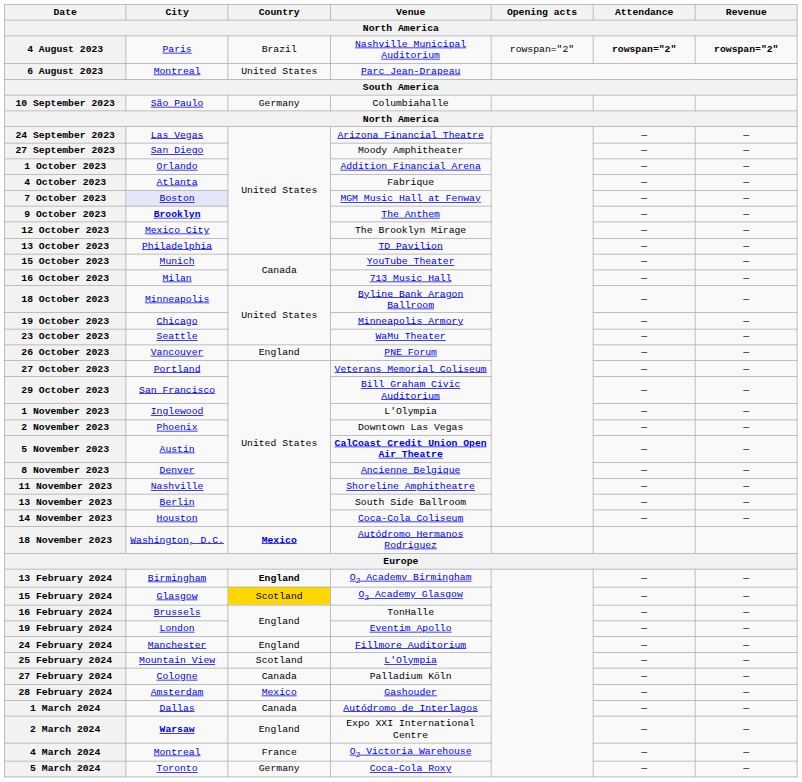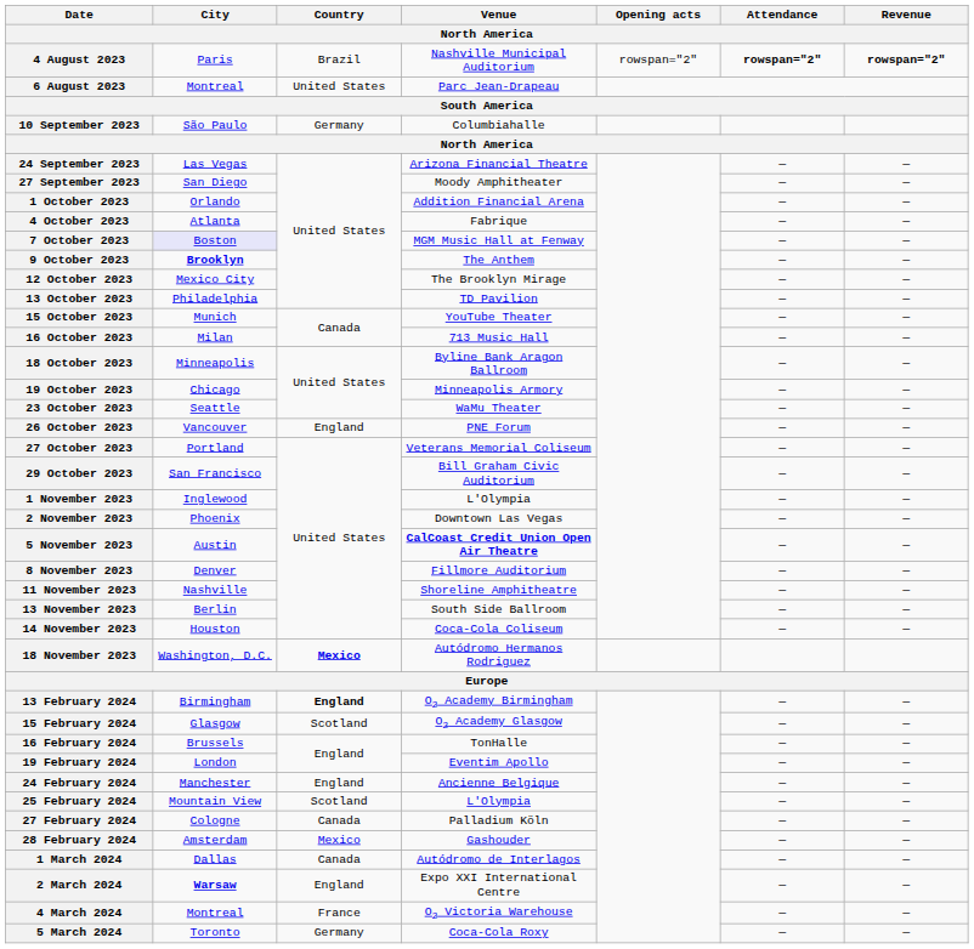 <table class="wikitable plainrowheaders" style="text-align:center;">
 <tr>
 <th scope="col" style="width:12em;">Date</th>
 <th scope="col" style="width:10em;">City</th>
 <th scope="col" style="width:10em;">Country</th>
 <th scope="col" style="width:16em;">Venue</th>
 <th scope="col" style="width:10em;">Opening acts</th>
 <th scope="col" style="width:10em;">Attendance</th>
 <th scope="col" style="width:10em;">Revenue</th>
 </tr>
 <tr>
 <th colspan="7">North America</th>
 </tr>
 <tr>
 <th scope="row" style="text-align:center;">4 August 2023</th>
 <td><a href='#'>Paris</a></td>
 <td>Brazil</td>
 <td><a href='#'>Nashville Municipal Auditorium</a></td>
 <td>rowspan="2" </td>
 <td><strong>rowspan="2" </strong></td>
 <td><strong>rowspan="2" </strong></td>
 </tr>
 <tr>
 <th scope="row" style="text-align:center;">6 August 2023</th>
 <td><a href='#'>Montreal</a></td>
 <td>United States</td>
 <td><a href='#'>Parc Jean-Drapeau</a></td>
 </tr>
 <tr>
 <th colspan="7">South America</th>
 </tr>
 <tr>
 <th scope="row" style="text-align:center;">10 September 2023</th>
 <td><a href='#'>São Paulo</a></td>
 <td>Germany</td>
 <td>Columbiahalle</td>
 <td></td>
 <td></td>
 <td></td>
 </tr>
 <tr>
 <th colspan="7">North America</th>
 </tr>
 <tr>
 <th scope="row" style="text-align:center;">24 September 2023</th>
 <td><a href='#'>Las Vegas</a></td>
 <td rowspan="8">United States</td>
 <td><a href='#'>Arizona Financial Theatre</a></td>
 <td rowspan="23"></td>
 <td>—</td>
 <td>—</td>
 </tr>
 <tr>
 <th scope="row" style="text-align:center;">27 September 2023</th>
 <td><a href='#'>San Diego</a></td>
 <td>Moody Amphitheater</td>
 <td>—</td>
 <td>—</td>
 </tr>
 <tr>
 <th scope="row" style="text-align:center;">1 October 2023</th>
 <td><a href='#'>Orlando</a></td>
 <td><a href='#'>Addition Financial Arena</a></td>
 <td>—</td>
 <td>—</td>
 </tr>
 <tr>
 <th scope="row" style="text-align:center;">4 October 2023</th>
 <td><a href='#'>Atlanta</a></td>
 <td>Fabrique</td>
 <td>—</td>
 <td>—</td>
 </tr>
 <tr>
 <th scope="row" style="text-align:center;">7 October 2023</th>
 <td style="background: lavender;"><a href='#'>Boston</a></td>
 <td><a href='#'>MGM Music Hall at Fenway</a></td>
 <td>—</td>
 <td>—</td>
 </tr>
 <tr>
 <th scope="row" style="text-align:center;">9 October 2023</th>
 <td><strong><a href='#'>Brooklyn</a></strong></td>
 <td><a href='#'>The Anthem</a></td>
 <td>—</td>
 <td>—</td>
 </tr>
 <tr>
 <th scope="row" style="text-align:center;">12 October 2023</th>
 <td><a href='#'>Mexico City</a></td>
 <td>The Brooklyn Mirage</td>
 <td>—</td>
 <td>—</td>
 </tr>
 <tr>
 <th scope="row" style="text-align:center;">13 October 2023</th>
 <td><a href='#'>Philadelphia</a></td>
 <td><a href='#'>TD Pavilion</a></td>
 <td>—</td>
 <td>—</td>
 </tr>
 <tr>
 <th scope="row" style="text-align:center;">15 October 2023</th>
 <td><a href='#'>Munich</a></td>
 <td rowspan="2">Canada</td>
 <td><a href='#'>YouTube Theater</a></td>
 <td>—</td>
 <td>—</td>
 </tr>
 <tr>
 <th scope="row" style="text-align:center;">16 October 2023</th>
 <td><a href='#'>Milan</a></td>
 <td><a href='#'>713 Music Hall</a></td>
 <td>—</td>
 <td>—</td>
 </tr>
 <tr>
 <th scope="row" style="text-align:center;">18 October 2023</th>
 <td><a href='#'>Minneapolis</a></td>
 <td rowspan="3">United States</td>
 <td><a href='#'>Byline Bank Aragon Ballroom</a></td>
 <td>—</td>
 <td>—</td>
 </tr>
 <tr>
 <th scope="row" style="text-align:center;">19 October 2023</th>
 <td><a href='#'>Chicago</a></td>
 <td><a href='#'>Minneapolis Armory</a></td>
 <td>—</td>
 <td>—</td>
 </tr>
 <tr>
 <th scope="row" style="text-align:center;">23 October 2023</th>
 <td><a href='#'>Seattle</a></td>
 <td><a href='#'>WaMu Theater</a></td>
 <td>—</td>
 <td>—</td>
 </tr>
 <tr>
 <th scope="row" style="text-align:center;">26 October 2023</th>
 <td><a href='#'>Vancouver</a></td>
 <td>England</td>
 <td><a href='#'>PNE Forum</a></td>
 <td>—</td>
 <td>—</td>
 </tr>
 <tr>
 <th scope="row" style="text-align:center;">27 October 2023</th>
 <td><a href='#'>Portland</a></td>
 <td rowspan="9">United States</td>
 <td><a href='#'>Veterans Memorial Coliseum</a></td>
 <td>—</td>
 <td>—</td>
 </tr>
 <tr>
 <th scope="row" style="text-align:center;">29 October 2023</th>
 <td><a href='#'>San Francisco</a></td>
 <td><a href='#'>Bill Graham Civic Auditorium</a></td>
 <td>—</td>
 <td>—</td>
 </tr>
 <tr>
 <th scope="row" style="text-align:center;">1 November 2023</th>
 <td><a href='#'>Inglewood</a></td>
 <td>L'Olympia</td>
 <td>—</td>
 <td>—</td>
 </tr>
 <tr>
 <th scope="row" style="text-align:center;">2 November 2023</th>
 <td><a href='#'>Phoenix</a></td>
 <td>Downtown Las Vegas</td>
 <td>—</td>
 <td>—</td>
 </tr>
 <tr>
 <th scope="row" style="text-align:center;">5 November 2023</th>
 <td><a href='#'>Austin</a></td>
 <td><strong><a href='#'>CalCoast Credit Union Open Air Theatre</a></strong></td>
 <td>—</td>
 <td>—</td>
 </tr>
 <tr>
 <th scope="row" style="text-align:center;">8 November 2023</th>
 <td><a href='#'>Denver</a></td>
-<td><a href='#'>Ancienne Belgique</a></td>
+<td><a href='#'>Fillmore Auditorium</a></td>
 <td>—</td>
 <td>—</td>
 </tr>
 <tr>
 <th scope="row" style="text-align:center;">11 November 2023</th>
 <td><a href='#'>Nashville</a></td>
 <td><a href='#'>Shoreline Amphitheatre</a></td>
 <td>—</td>
 <td>—</td>
 </tr>
 <tr>
 <th scope="row" style="text-align:center;">13 November 2023</th>
 <td><a href='#'>Berlin</a></td>
 <td>South Side Ballroom</td>
 <td>—</td>
 <td>—</td>
 </tr>
 <tr>
 <th scope="row" style="text-align:center;">14 November 2023</th>
 <td><a href='#'>Houston</a></td>
 <td><a href='#'>Coca-Cola Coliseum</a></td>
 <td>—</td>
 <td>—</td>
 </tr>
 <tr>
 <th scope="row" style="text-align:center;">18 November 2023</th>
 <td><a href='#'>Washington, D.C.</a></td>
 <td><strong><a href='#'>Mexico</a></strong></td>
 <td><a href='#'>Autódromo Hermanos Rodriguez</a></td>
 <td></td>
 <td></td>
 <td></td>
 </tr>
 <tr>
 <th colspan="7">Europe</th>
 </tr>
 <tr>
 <th scope="row" style="text-align:center;">13 February 2024</th>
 <td><a href='#'>Birmingham</a></td>
 <td><strong>England</strong></td>
 <td><a href='#'>O<sub>2</sub> Academy Birmingham</a></td>
 <td rowspan="12"></td>
 <td>—</td>
 <td>—</td>
 </tr>
 <tr>
 <th scope="row" style="text-align:center;">15 February 2024</th>
 <td><a href='#'>Glasgow</a></td>
-<td style="background: gold;">Scotland</td>
+<td>Scotland</td>
 <td><a href='#'>O<sub>2</sub> Academy Glasgow</a></td>
 <td>—</td>
 <td>—</td>
 </tr>
 <tr>
 <th scope="row" style="text-align:center;">16 February 2024</th>
 <td><a href='#'>Brussels</a></td>
 <td rowspan="2">England</td>
 <td>TonHalle</td>
 <td>—</td>
 <td>—</td>
 </tr>
 <tr>
 <th scope="row" style="text-align:center;">19 February 2024</th>
 <td><a href='#'>London</a></td>
 <td><a href='#'>Eventim Apollo</a></td>
 <td>—</td>
 <td>—</td>
 </tr>
 <tr>
 <th scope="row" style="text-align:center;">24 February 2024</th>
 <td><a href='#'>Manchester</a></td>
 <td>England</td>
-<td><a href='#'>Fillmore Auditorium</a></td>
+<td><a href='#'>Ancienne Belgique</a></td>
 <td>—</td>
 <td>—</td>
 </tr>
 <tr>
 <th scope="row" style="text-align:center;">25 February 2024</th>
 <td><a href='#'>Mountain View</a></td>
 <td>Scotland</td>
 <td><a href='#'>L'Olympia</a></td>
 <td>—</td>
 <td>—</td>
 </tr>
 <tr>
 <th scope="row" style="text-align:center;">27 February 2024</th>
 <td><a href='#'>Cologne</a></td>
 <td>Canada</td>
 <td>Palladium Köln</td>
 <td>—</td>
 <td>—</td>
 </tr>
 <tr>
 <th scope="row" style="text-align:center;">28 February 2024</th>
 <td><a href='#'>Amsterdam</a></td>
 <td><a href='#'>Mexico</a></td>
 <td><a href='#'>Gashouder</a></td>
 <td>—</td>
 <td>—</td>
 </tr>
 <tr>
 <th scope="row" style="text-align:center;">1 March 2024</th>
 <td><a href='#'>Dallas</a></td>
 <td>Canada</td>
 <td><a href='#'>Autódromo de Interlagos</a></td>
 <td>—</td>
 <td>—</td>
 </tr>
 <tr>
 <th scope="row" style="text-align:center;">2 March 2024</th>
 <td><strong><a href='#'>Warsaw</a></strong></td>
 <td>England</td>
 <td>Expo XXI International Centre</td>
 <td>—</td>
 <td>—</td>
 </tr>
 <tr>
 <th scope="row" style="text-align:center;">4 March 2024</th>
 <td><a href='#'>Montreal</a></td>
 <td>France</td>
 <td><a href='#'>O<sub>2</sub> Victoria Warehouse</a></td>
 <td>—</td>
 <td>—</td>
 </tr>
 <tr>
 <th scope="row" style="text-align:center;">5 March 2024</th>
 <td><a href='#'>Toronto</a></td>
 <td>Germany</td>
 <td><a href='#'>Coca-Cola Roxy</a></td>
 <td>—</td>
 <td>—</td>
 </tr>
 </table>
